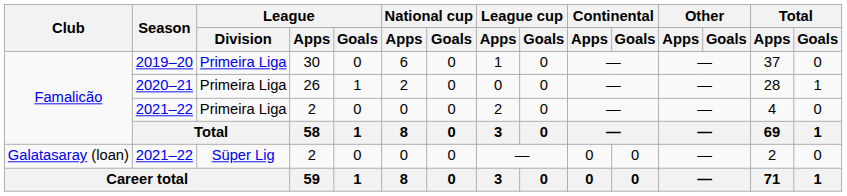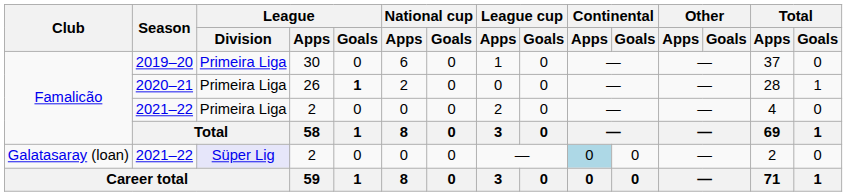 <table class="wikitable" style="text-align:center">
 <tr>
 <th rowspan="2">Club</th>
 <th rowspan="2">Season</th>
 <th colspan="3">League</th>
 <th colspan="2">National cup</th>
 <th colspan="2">League cup</th>
 <th colspan="2">Continental</th>
 <th colspan="2">Other</th>
 <th colspan="2">Total</th>
 </tr>
 <tr>
 <th>Division</th>
 <th>Apps</th>
 <th>Goals</th>
 <th>Apps</th>
 <th>Goals</th>
 <th>Apps</th>
 <th>Goals</th>
 <th>Apps</th>
 <th>Goals</th>
 <th>Apps</th>
 <th>Goals</th>
 <th>Apps</th>
 <th>Goals</th>
 </tr>
 <tr>
 <td rowspan="4"><a href='#'>Famalicão</a></td>
 <td><a href='#'>2019–20</a></td>
 <td><a href='#'>Primeira Liga</a></td>
 <td>30</td>
 <td>0</td>
 <td>6</td>
 <td>0</td>
 <td>1</td>
 <td>0</td>
 <td colspan="2">—</td>
 <td colspan="2">—</td>
 <td>37</td>
 <td>0</td>
 </tr>
 <tr>
 <td><a href='#'>2020–21</a></td>
 <td>Primeira Liga</td>
 <td>26</td>
-<td>1</td>
+<td><strong>1</strong></td>
 <td>2</td>
 <td>0</td>
 <td>0</td>
 <td>0</td>
 <td colspan="2">—</td>
 <td colspan="2">—</td>
 <td>28</td>
 <td>1</td>
 </tr>
 <tr>
 <td><a href='#'>2021–22</a></td>
 <td>Primeira Liga</td>
 <td>2</td>
 <td>0</td>
 <td>0</td>
 <td>0</td>
 <td>2</td>
 <td>0</td>
 <td colspan="2">—</td>
 <td colspan="2">—</td>
 <td>4</td>
 <td>0</td>
 </tr>
 <tr>
 <th colspan="2">Total</th>
 <th>58</th>
 <th>1</th>
 <th>8</th>
 <th>0</th>
 <th>3</th>
 <th>0</th>
 <th colspan="2">—</th>
 <th colspan="2">—</th>
 <th>69</th>
 <th>1</th>
 </tr>
 <tr>
 <td><a href='#'>Galatasaray</a> (loan)</td>
 <td><a href='#'>2021–22</a></td>
-<td><a href='#'>Süper Lig</a></td>
+<td style="background: lavender;"><a href='#'>Süper Lig</a></td>
 <td>2</td>
 <td>0</td>
 <td>0</td>
 <td>0</td>
 <td colspan="2">—</td>
-<td>0</td>
+<td style="background: lightblue;">0</td>
 <td>0</td>
 <td colspan="2">—</td>
 <td>2</td>
 <td>0</td>
 </tr>
 <tr>
 <th colspan="3">Career total</th>
 <th>59</th>
 <th>1</th>
 <th>8</th>
 <th>0</th>
 <th>3</th>
 <th>0</th>
 <th>0</th>
 <th>0</th>
 <th colspan="2">—</th>
 <th>71</th>
 <th>1</th>
 </tr>
 </table>
